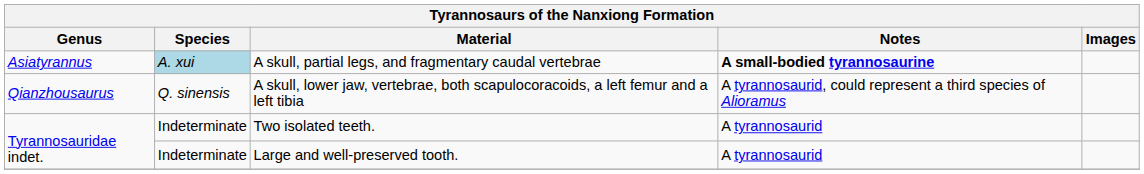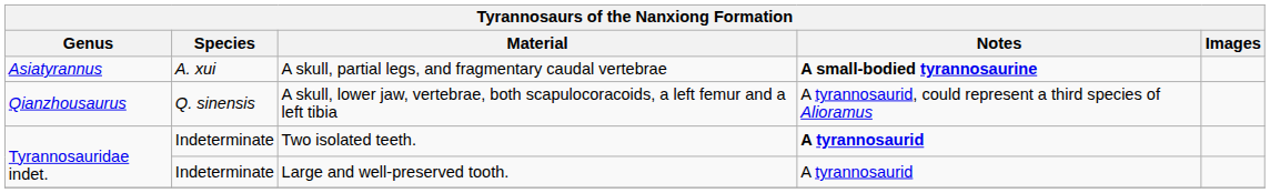 <table class="wikitable" align="center">
 <tr>
 <th colspan="7" style="text-align:center;"><strong>Tyrannosaurs</strong> of the Nanxiong Formation</th>
 </tr>
 <tr>
 <th>Genus</th>
 <th>Species</th>
 <th>Material</th>
 <th>Notes</th>
 <th>Images</th>
 </tr>
 <tr>
 <td><em><a href='#'>Asiatyrannus</a></em></td>
-<td style="background: lightblue;"><em>A. xui</em></td>
+<td><em>A. xui</em></td>
 <td>A skull, partial legs, and fragmentary caudal vertebrae</td>
 <td><strong>A small-bodied <a href='#'>tyrannosaurine</a></strong></td>
 <td></td>
 </tr>
 <tr>
 <td><em><a href='#'>Qianzhousaurus</a></em></td>
 <td><em>Q. sinensis</em></td>
 <td>A skull, lower jaw, vertebrae, both scapulocoracoids, a left femur and a left tibia</td>
 <td>A <a href='#'>tyrannosaurid</a>, could represent a third species of <em><a href='#'>Alioramus</a></em></td>
 <td></td>
 </tr>
 <tr>
 <td rowspan="2"><br><a href='#'>Tyrannosauridae</a> indet.</td>
 <td>Indeterminate</td>
 <td>Two isolated teeth.</td>
-<td>A <a href='#'>tyrannosaurid</a></td>
+<td><strong>A <a href='#'>tyrannosaurid</a></strong></td>
 <td></td>
 </tr>
 <tr>
 <td>Indeterminate</td>
 <td>Large and well-preserved tooth.</td>
 <td>A <a href='#'>tyrannosaurid</a></td>
 <td></td>
 </tr>
 <tr>
 </tr>
 </table>
